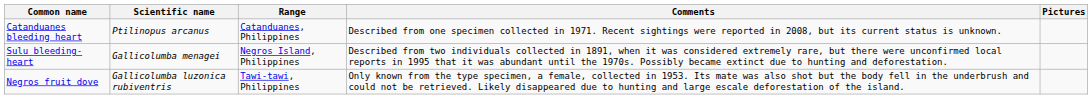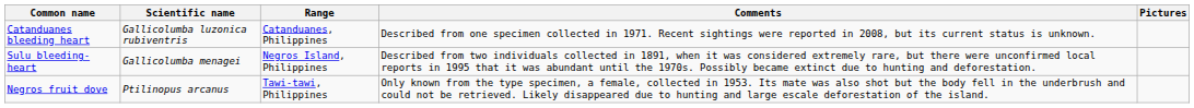 <table class="wikitable">
 <tr>
 <th>Common name</th>
 <th>Scientific name</th>
 <th>Range</th>
 <th class="unsortable">Comments</th>
 <th class="unsortable">Pictures</th>
 </tr>
 <tr>
 <td><a href='#'>Catanduanes bleeding heart</a></td>
-<td><em>Ptilinopus arcanus</em></td>
+<td><em>Gallicolumba luzonica rubiventris</em></td>
 <td><a href='#'>Catanduanes</a>, Philippines</td>
 <td>Described from one specimen collected in 1971. Recent sightings were reported in 2008, but its current status is unknown.</td>
 <td></td>
 </tr>
 <tr>
 <td><a href='#'>Sulu bleeding-heart</a></td>
 <td><em>Gallicolumba menagei</em></td>
 <td><a href='#'>Negros Island</a>, Philippines</td>
 <td>Described from two individuals collected in 1891, when it was considered extremely rare, but there were unconfirmed local reports in 1995 that it was abundant until the 1970s. Possibly became extinct due to hunting and deforestation.</td>
 <td></td>
 </tr>
 <tr>
 <td><a href='#'>Negros fruit dove</a></td>
-<td><em>Gallicolumba luzonica rubiventris</em></td>
+<td><em>Ptilinopus arcanus</em></td>
 <td><a href='#'>Tawi-tawi</a>, Philippines</td>
 <td>Only known from the type specimen, a female, collected in 1953. Its mate was also shot but the body fell in the underbrush and could not be retrieved. Likely disappeared due to hunting and large escale deforestation of the island.</td>
 <td></td>
 </tr>
 </table>
